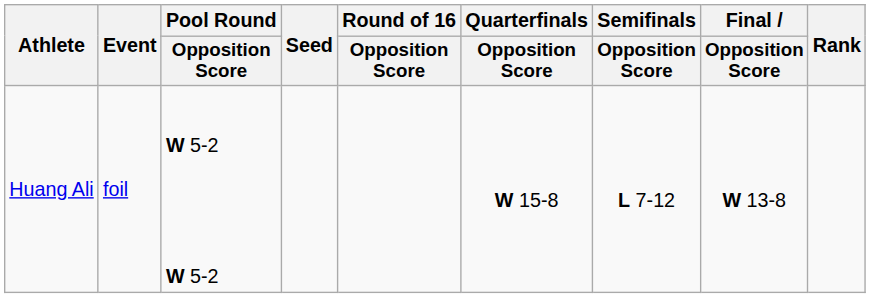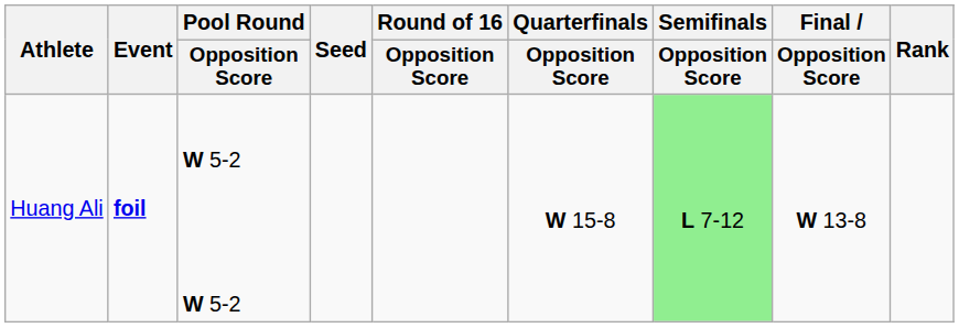 <table class=wikitable style="font-size:90%">
 <tr>
 <th rowspan="2">Athlete</th>
 <th rowspan="2">Event</th>
 <th>Pool Round</th>
 <th rowspan="2">Seed</th>
 <th>Round of 16</th>
 <th>Quarterfinals</th>
 <th>Semifinals</th>
 <th>Final / </th>
 <th rowspan=2>Rank</th>
 </tr>
 <tr style="font-size:95%">
 <th>Opposition<br>Score</th>
 <th>Opposition<br>Score</th>
 <th>Opposition<br>Score</th>
 <th>Opposition<br>Score</th>
 <th>Opposition<br>Score</th>
 </tr>
 <tr align=center>
 <td align=left><a href='#'>Huang Ali</a></td>
-<td align=left><a href='#'>foil</a></td>
+<td align=left><strong><a href='#'>foil</a></strong></td>
 <td align=left><br><br><strong>W</strong> 5-2<br><br><br><br><br><br><strong>W</strong> 5-2</td>
 <td></td>
 <td></td>
 <td><br><strong>W</strong> 15-8</td>
-<td><br><strong>L</strong> 7-12</td>
+<td style="background: lightgreen;"><br><strong>L</strong> 7-12</td>
 <td><br><strong>W</strong> 13-8</td>
 <td></td>
 </tr>
 </table>
